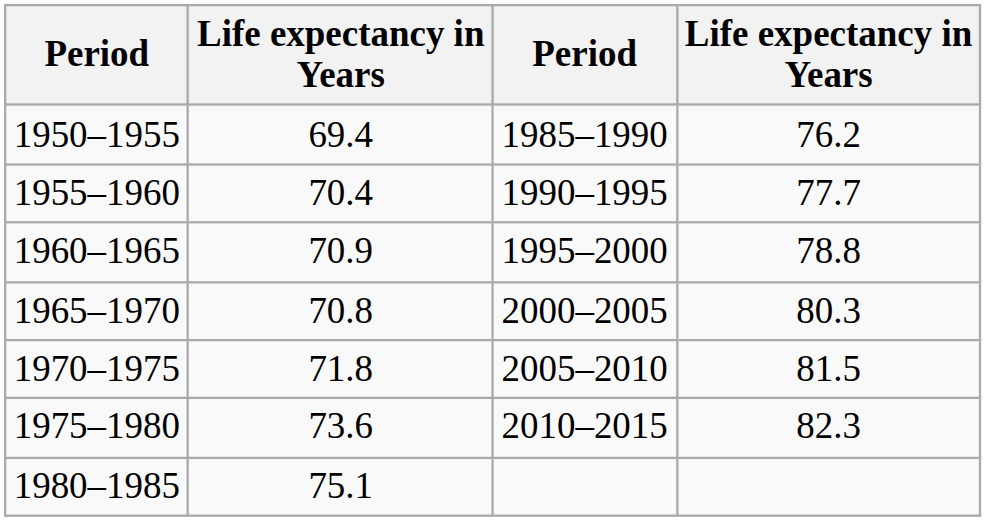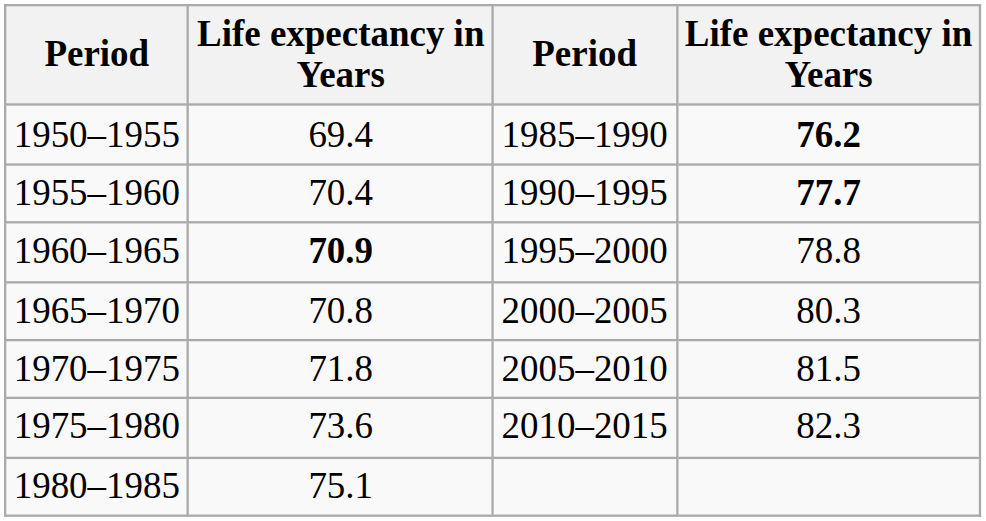 <table class="wikitable" style="text-align: center;">
 <tr>
 <th>Period</th>
 <th>Life expectancy in<br>Years</th>
 <th>Period</th>
 <th>Life expectancy in<br>Years</th>
 </tr>
 <tr>
 <td>1950–1955</td>
 <td>69.4</td>
 <td>1985–1990</td>
-<td>76.2</td>
+<td><strong>76.2</strong></td>
 </tr>
 <tr>
 <td>1955–1960</td>
 <td>70.4</td>
 <td>1990–1995</td>
-<td>77.7</td>
+<td><strong>77.7</strong></td>
 </tr>
 <tr>
 <td>1960–1965</td>
-<td>70.9</td>
+<td><strong>70.9</strong></td>
 <td>1995–2000</td>
 <td>78.8</td>
 </tr>
 <tr>
 <td>1965–1970</td>
 <td>70.8</td>
 <td>2000–2005</td>
 <td>80.3</td>
 </tr>
 <tr>
 <td>1970–1975</td>
 <td>71.8</td>
 <td>2005–2010</td>
 <td>81.5</td>
 </tr>
 <tr>
 <td>1975–1980</td>
 <td>73.6</td>
 <td>2010–2015</td>
 <td>82.3</td>
 </tr>
 <tr>
 <td>1980–1985</td>
 <td>75.1</td>
 <td></td>
 <td></td>
 </tr>
 </table>
